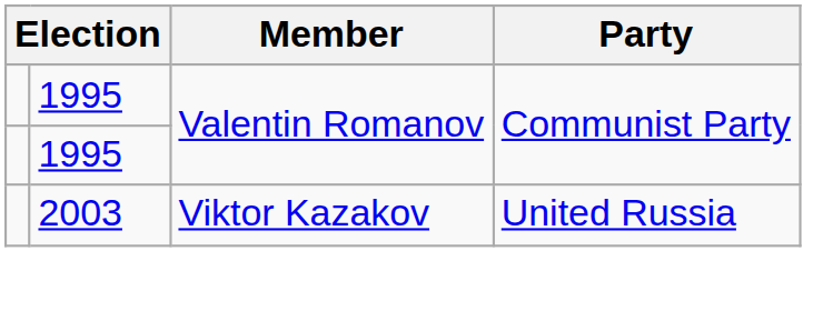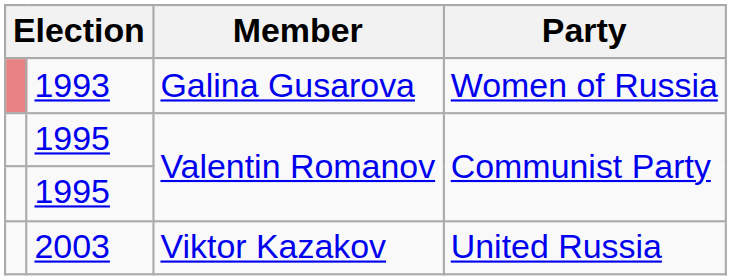 <table class="wikitable">
 <tr>
 <th colspan="2">Election</th>
 <th>Member</th>
 <th>Party</th>
+</tr>
+<tr>
+<td style="background-color:#E98282"></td>
+<td><a href='#'>1993</a></td>
+<td><a href='#'>Galina Gusarova</a></td>
+<td><a href='#'>Women of Russia</a></td>
 </tr>
 <tr>
 <td style="background-color:"></td>
 <td><a href='#'>1995</a></td>
 <td rowspan=2><a href='#'>Valentin Romanov</a></td>
 <td rowspan=2><a href='#'>Communist Party</a></td>
 </tr>
 <tr>
 <td style="background-color:"></td>
 <td><a href='#'>1995</a></td>
 </tr>
 <tr>
 <td style="background-color:"></td>
 <td><a href='#'>2003</a></td>
 <td><a href='#'>Viktor Kazakov</a></td>
 <td><a href='#'>United Russia</a></td>
 </tr>
 </table>
